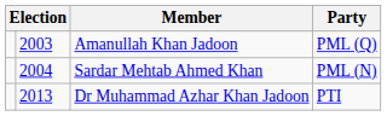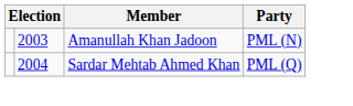 <table class="wikitable">
 <tr>
 <th colspan="2">Election</th>
 <th>Member</th>
 <th>Party</th>
 </tr>
 <tr>
 <td style="background-color: "></td>
 <td><a href='#'>2003</a></td>
 <td><a href='#'>Amanullah Khan Jadoon</a></td>
-<td><a href='#'>PML (Q)</a></td>
+<td><a href='#'>PML (N)</a></td>
 </tr>
 <tr>
 <td style="background-color: "></td>
 <td><a href='#'>2004</a></td>
 <td><a href='#'>Sardar Mehtab Ahmed Khan</a></td>
-<td><a href='#'>PML (N)</a></td>
-</tr>
-<tr>
-<td style="background-color: "></td>
-<td><a href='#'>2013</a></td>
-<td><a href='#'>Dr Muhammad Azhar Khan Jadoon</a></td>
-<td><a href='#'>PTI</a></td>
+<td><a href='#'>PML (Q)</a></td>
 </tr>
 </table>
